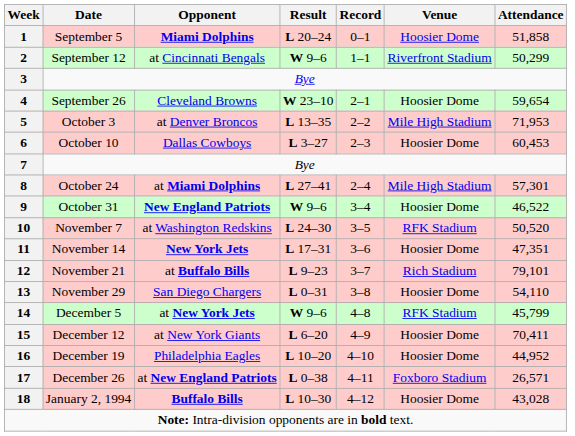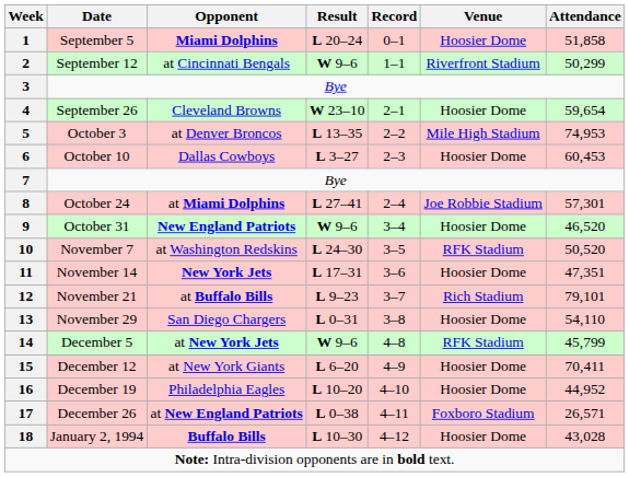 <table class="wikitable" style="text-align:center">
 <tr>
 <th>Week</th>
 <th>Date</th>
 <th>Opponent</th>
 <th>Result</th>
 <th>Record</th>
 <th>Venue</th>
 <th>Attendance</th>
 </tr>
 <tr style="background:#fcc">
 <th>1</th>
 <td>September 5</td>
 <td><strong><a href='#'>Miami Dolphins</a></strong></td>
 <td><strong>L</strong> 20–24</td>
 <td>0–1</td>
 <td><a href='#'>Hoosier Dome</a></td>
 <td>51,858</td>
 </tr>
 <tr style="background:#cfc">
 <th>2</th>
 <td>September 12</td>
 <td>at <a href='#'>Cincinnati Bengals</a></td>
 <td><strong>W</strong> 9–6</td>
 <td>1–1</td>
 <td><a href='#'>Riverfront Stadium</a></td>
 <td>50,299</td>
 </tr>
 <tr>
 <th>3</th>
 <td colspan="7" align="center"><em><a href='#'>Bye</a></em></td>
 </tr>
 <tr style="background:#cfc">
 <th>4</th>
 <td>September 26</td>
 <td><a href='#'>Cleveland Browns</a></td>
 <td><strong>W</strong> 23–10</td>
 <td>2–1</td>
 <td>Hoosier Dome</td>
 <td>59,654</td>
 </tr>
 <tr style="background:#fcc">
 <th>5</th>
 <td>October 3</td>
 <td>at <a href='#'>Denver Broncos</a></td>
 <td><strong>L</strong> 13–35</td>
 <td>2–2</td>
 <td><a href='#'>Mile High Stadium</a></td>
-<td>71,953</td>
+<td>74,953</td>
 </tr>
 <tr style="background:#fcc">
 <th>6</th>
 <td>October 10</td>
 <td><a href='#'>Dallas Cowboys</a></td>
 <td><strong>L</strong> 3–27</td>
 <td>2–3</td>
 <td>Hoosier Dome</td>
 <td>60,453</td>
 </tr>
 <tr>
 <th>7</th>
 <td colspan="7" align="center"><em>Bye</em></td>
 </tr>
 <tr style="background:#fcc">
 <th>8</th>
 <td>October 24</td>
 <td>at <strong><a href='#'>Miami Dolphins</a></strong></td>
 <td><strong>L</strong> 27–41</td>
 <td>2–4</td>
-<td><a href='#'>Mile High Stadium</a></td>
+<td><a href='#'>Joe Robbie Stadium</a></td>
 <td>57,301</td>
 </tr>
 <tr style="background:#cfc">
 <th>9</th>
 <td>October 31</td>
 <td><strong><a href='#'>New England Patriots</a></strong></td>
 <td><strong>W</strong> 9–6</td>
 <td>3–4</td>
 <td>Hoosier Dome</td>
-<td>46,522</td>
+<td>46,520</td>
 </tr>
 <tr style="background:#fcc">
 <th>10</th>
 <td>November 7</td>
 <td>at <a href='#'>Washington Redskins</a></td>
 <td><strong>L</strong> 24–30</td>
 <td>3–5</td>
 <td><a href='#'>RFK Stadium</a></td>
 <td>50,520</td>
 </tr>
 <tr style="background:#fcc">
 <th>11</th>
 <td>November 14</td>
 <td><strong><a href='#'>New York Jets</a></strong></td>
 <td><strong>L</strong> 17–31</td>
 <td>3–6</td>
 <td>Hoosier Dome</td>
 <td>47,351</td>
 </tr>
 <tr style="background:#fcc">
 <th>12</th>
 <td>November 21</td>
 <td>at <strong><a href='#'>Buffalo Bills</a></strong></td>
 <td><strong>L</strong> 9–23</td>
 <td>3–7</td>
 <td><a href='#'>Rich Stadium</a></td>
 <td>79,101</td>
 </tr>
 <tr style="background:#fcc">
 <th>13</th>
 <td>November 29</td>
 <td><a href='#'>San Diego Chargers</a></td>
 <td><strong>L</strong> 0–31</td>
 <td>3–8</td>
 <td>Hoosier Dome</td>
 <td>54,110</td>
 </tr>
 <tr style="background:#cfc">
 <th>14</th>
 <td>December 5</td>
 <td>at <strong><a href='#'>New York Jets</a></strong></td>
 <td><strong>W</strong> 9–6</td>
 <td>4–8</td>
 <td><a href='#'>RFK Stadium</a></td>
 <td>45,799</td>
 </tr>
 <tr style="background:#fcc">
 <th>15</th>
 <td>December 12</td>
 <td>at <a href='#'>New York Giants</a></td>
 <td><strong>L</strong> 6–20</td>
 <td>4–9</td>
 <td>Hoosier Dome</td>
 <td>70,411</td>
 </tr>
 <tr style="background:#fcc">
 <th>16</th>
 <td>December 19</td>
 <td><a href='#'>Philadelphia Eagles</a></td>
 <td><strong>L</strong> 10–20</td>
 <td>4–10</td>
 <td>Hoosier Dome</td>
 <td>44,952</td>
 </tr>
 <tr style="background:#fcc">
 <th>17</th>
 <td>December 26</td>
 <td>at <strong><a href='#'>New England Patriots</a></strong></td>
 <td><strong>L</strong> 0–38</td>
 <td>4–11</td>
 <td><a href='#'>Foxboro Stadium</a></td>
 <td>26,571</td>
 </tr>
 <tr style="background:#fcc">
 <th>18</th>
 <td>January 2, 1994</td>
 <td><strong><a href='#'>Buffalo Bills</a></strong></td>
 <td><strong>L</strong> 10–30</td>
 <td>4–12</td>
 <td>Hoosier Dome</td>
 <td>43,028</td>
 </tr>
 <tr>
 <td colspan="8"><strong>Note:</strong> Intra-division opponents are in <strong>bold</strong> text.</td>
 </tr>
 </table>
